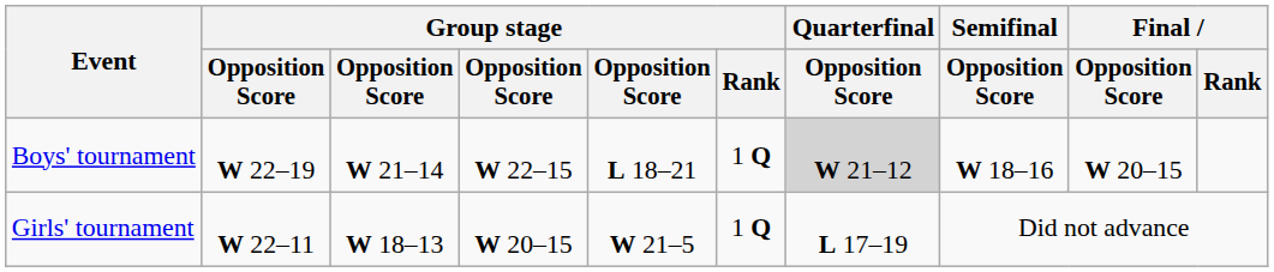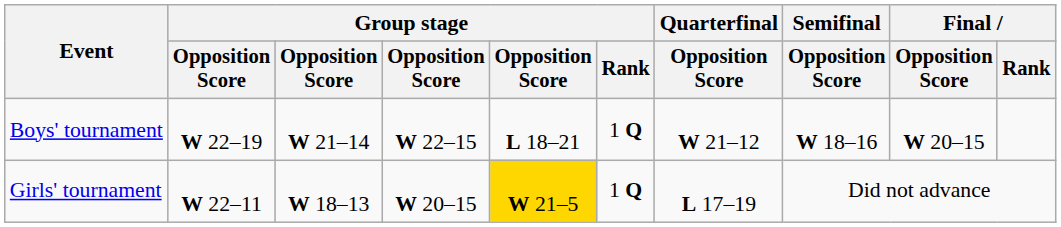 <table class="wikitable" style="font-size:90%">
 <tr>
 <th rowspan=2>Event</th>
 <th colspan=5>Group stage</th>
 <th>Quarterfinal</th>
 <th>Semifinal</th>
 <th colspan=2>Final / </th>
 </tr>
 <tr style="font-size:95%">
 <th>Opposition<br>Score</th>
 <th>Opposition<br>Score</th>
 <th>Opposition<br>Score</th>
 <th>Opposition<br>Score</th>
 <th>Rank</th>
 <th>Opposition<br>Score</th>
 <th>Opposition<br>Score</th>
 <th>Opposition<br>Score</th>
 <th>Rank</th>
 </tr>
 <tr align=center>
 <td align=left><a href='#'>Boys' tournament</a></td>
 <td><br><strong>W</strong> 22–19</td>
 <td><br><strong>W</strong> 21–14</td>
 <td><br><strong>W</strong> 22–15</td>
 <td><br><strong>L</strong> 18–21</td>
 <td>1 <strong>Q</strong></td>
-<td style="background: lightgrey;"><br><strong>W</strong> 21–12</td>
+<td><br><strong>W</strong> 21–12</td>
 <td><br><strong>W</strong> 18–16</td>
 <td><br><strong>W</strong> 20–15</td>
 <td></td>
 </tr>
 <tr align=center>
 <td align=left><a href='#'>Girls' tournament</a></td>
 <td><br><strong>W</strong> 22–11</td>
 <td><br><strong>W</strong> 18–13</td>
 <td><br><strong>W</strong> 20–15</td>
-<td><br><strong>W</strong> 21–5</td>
+<td style="background: gold;"><br><strong>W</strong> 21–5</td>
 <td>1 <strong>Q</strong></td>
 <td><br><strong>L</strong> 17–19</td>
 <td colspan=3>Did not advance</td>
 </tr>
 </table>
